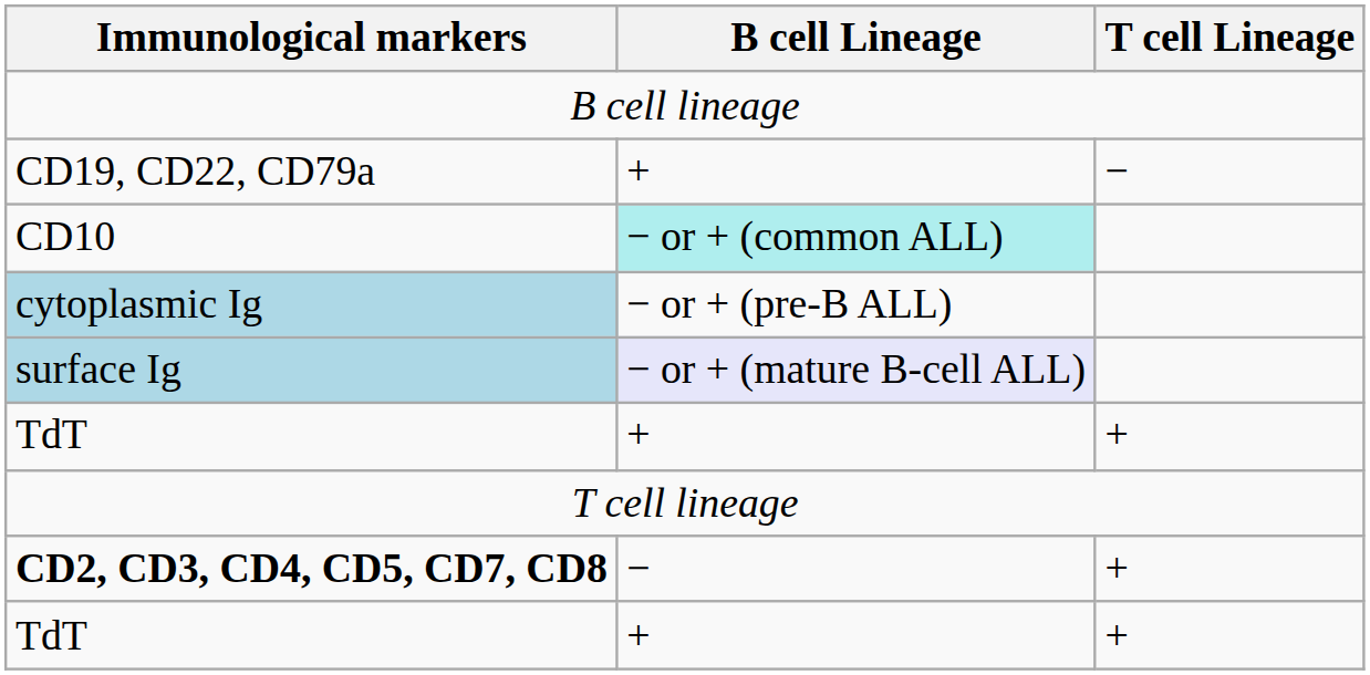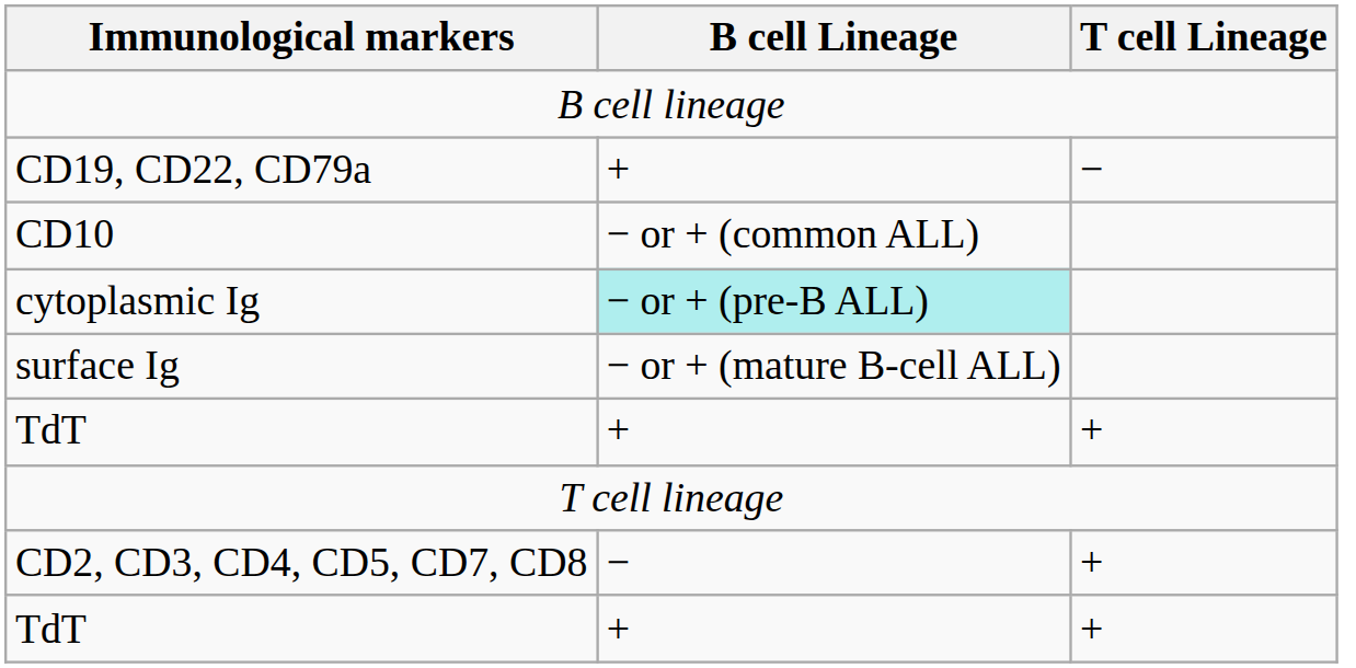 <table class="wikitable">
 <tr>
 <th>Immunological markers</th>
 <th>B cell Lineage</th>
 <th>T cell Lineage</th>
 </tr>
 <tr>
 <td colspan="3" style="text-align:center;"><em>B cell lineage</em></td>
 </tr>
 <tr>
 <td>CD19, CD22, CD79a</td>
 <td>+</td>
 <td>−</td>
 </tr>
 <tr>
 <td>CD10</td>
-<td style="background: paleturquoise;">− or + (common ALL)</td>
+<td>− or + (common ALL)</td>
 <td></td>
 </tr>
 <tr>
-<td style="background: lightblue;">cytoplasmic Ig</td>
-<td>− or + (pre-B ALL)</td>
+<td>cytoplasmic Ig</td>
+<td style="background: paleturquoise;">− or + (pre-B ALL)</td>
 <td></td>
 </tr>
 <tr>
-<td style="background: lightblue;">surface Ig</td>
-<td style="background: lavender;">− or + (mature B-cell ALL)</td>
+<td>surface Ig</td>
+<td>− or + (mature B-cell ALL)</td>
 <td></td>
 </tr>
 <tr>
 <td>TdT</td>
 <td>+</td>
 <td>+</td>
 </tr>
 <tr>
 <td colspan="3" style="text-align:center;"><em>T cell lineage</em></td>
 </tr>
 <tr>
-<td><strong>CD2, CD3, CD4, CD5, CD7, CD8</strong></td>
+<td>CD2, CD3, CD4, CD5, CD7, CD8</td>
 <td>−</td>
 <td>+</td>
 </tr>
 <tr>
 <td>TdT</td>
 <td>+</td>
 <td>+</td>
 </tr>
 </table>
